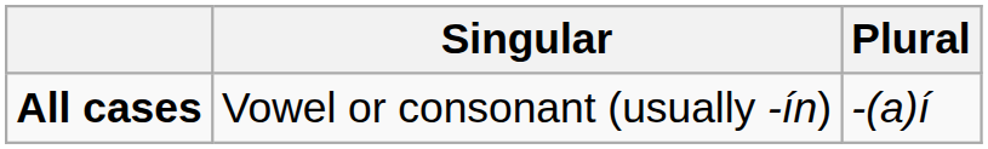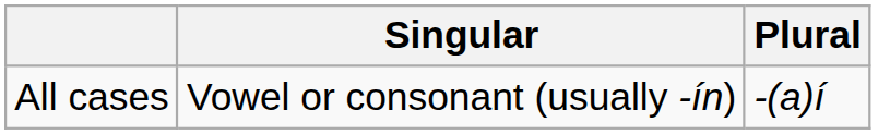 <table class="wikitable">
 <tr>
 <th></th>
 <th>Singular</th>
 <th>Plural</th>
 </tr>
 <tr>
-<td><strong>All cases</strong></td>
+<td>All cases</td>
 <td>Vowel or consonant (usually <em>-ín</em>)</td>
 <td><em>-(a)í</em></td>
 </tr>
 </table>
